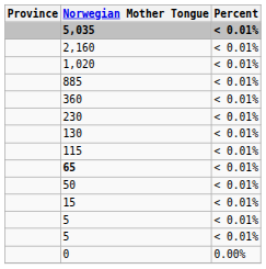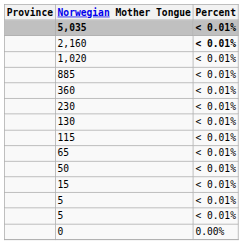 <table class="wikitable sortable">
 <tr>
 <th>Province<br></th>
 <th><a href='#'>Norwegian</a> Mother Tongue</th>
 <th>Percent</th>
 </tr>
 <tr>
 <td style="background:silver"></td>
 <td style="background:silver"><strong>5,035</strong></td>
 <td style="background:silver"><strong>< 0.01%</strong></td>
 </tr>
 <tr>
 <td></td>
 <td>2,160</td>
-<td>< 0.01%</td>
+<td><strong>< 0.01%</strong></td>
 </tr>
 <tr>
 <td></td>
 <td>1,020</td>
 <td>< 0.01%</td>
 </tr>
 <tr>
 <td></td>
 <td>885</td>
 <td>< 0.01%</td>
 </tr>
 <tr>
 <td></td>
 <td>360</td>
 <td>< 0.01%</td>
 </tr>
 <tr>
 <td></td>
 <td>230</td>
 <td>< 0.01%</td>
 </tr>
 <tr>
 <td></td>
 <td>130</td>
 <td>< 0.01%</td>
 </tr>
 <tr>
 <td></td>
 <td>115</td>
 <td>< 0.01%</td>
 </tr>
 <tr>
 <td></td>
-<td><strong>65</strong></td>
+<td>65</td>
 <td>< 0.01%</td>
 </tr>
 <tr>
 <td></td>
 <td>50</td>
 <td>< 0.01%</td>
 </tr>
 <tr>
 <td></td>
 <td>15</td>
 <td>< 0.01%</td>
 </tr>
 <tr>
 <td></td>
 <td>5</td>
 <td>< 0.01%</td>
 </tr>
 <tr>
 <td></td>
 <td>5</td>
 <td>< 0.01%</td>
 </tr>
 <tr>
 <td></td>
 <td>0</td>
 <td>0.00%</td>
 </tr>
 <tr>
 </tr>
 </table>
